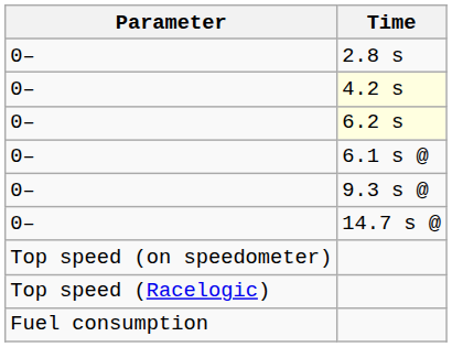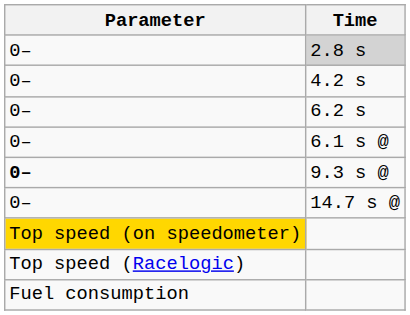 <table class="wikitable">
 <tr>
 <th>Parameter</th>
 <th>Time</th>
 </tr>
 <tr>
 <td>0–</td>
-<td>2.8 s</td>
+<td style="background: lightgrey;">2.8 s</td>
 </tr>
 <tr>
 <td>0–</td>
-<td style="background: lightyellow;">4.2 s</td>
+<td>4.2 s</td>
 </tr>
 <tr>
 <td>0–</td>
-<td style="background: lightyellow;">6.2 s</td>
+<td>6.2 s</td>
 </tr>
 <tr>
 <td>0–</td>
 <td>6.1 s @ </td>
 </tr>
 <tr>
-<td>0–</td>
+<td><strong>0–</strong></td>
 <td>9.3 s @ </td>
 </tr>
 <tr>
 <td>0–</td>
 <td>14.7 s @ </td>
 </tr>
 <tr>
-<td>Top speed (on speedometer)</td>
+<td style="background: gold;">Top speed (on speedometer)</td>
 <td></td>
 </tr>
 <tr>
 <td>Top speed (<a href='#'>Racelogic</a>)</td>
 <td></td>
 </tr>
 <tr>
 <td>Fuel consumption</td>
 <td></td>
 </tr>
 </table>
